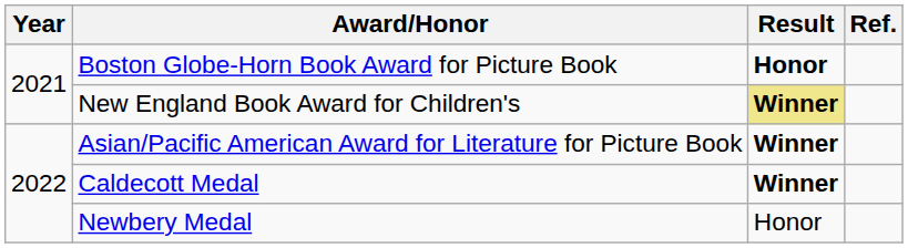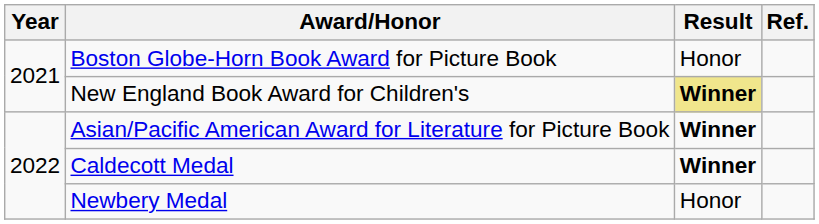 <table class="wikitable sortable">
 <tr>
 <th>Year</th>
 <th>Award/Honor</th>
 <th>Result</th>
 <th>Ref.</th>
 </tr>
 <tr>
 <td rowspan="2">2021</td>
 <td><a href='#'>Boston Globe-Horn Book Award</a> for Picture Book</td>
-<td><strong>Honor</strong></td>
+<td>Honor</td>
 <td></td>
 </tr>
 <tr>
 <td>New England Book Award for Children's</td>
 <td style="background: khaki;"><strong>Winner</strong></td>
 <td></td>
 </tr>
 <tr>
 <td rowspan="3">2022</td>
 <td><a href='#'>Asian/Pacific American Award for Literature</a> for Picture Book</td>
 <td><strong>Winner</strong></td>
 <td></td>
 </tr>
 <tr>
 <td><a href='#'>Caldecott Medal</a></td>
 <td><strong>Winner</strong></td>
 <td></td>
 </tr>
 <tr>
 <td><a href='#'>Newbery Medal</a></td>
 <td>Honor</td>
 <td></td>
 </tr>
 </table>
